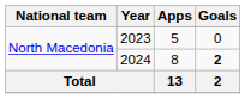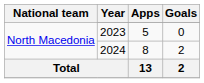 <table class="wikitable" style="text-align:center">
 <tr>
 <th>National team</th>
 <th>Year</th>
 <th>Apps</th>
 <th>Goals</th>
 </tr>
 <tr>
 <td rowspan=3><a href='#'>North Macedonia</a></td>
 </tr>
 <tr>
 <td>2023</td>
 <td>5</td>
 <td>0</td>
 </tr>
 <tr>
 <td>2024</td>
 <td>8</td>
-<td><strong>2</strong></td>
+<td>2</td>
 </tr>
 <tr>
 <th colspan=2>Total</th>
 <th>13</th>
 <th>2</th>
 </tr>
 <tr>
 </tr>
 </table>
